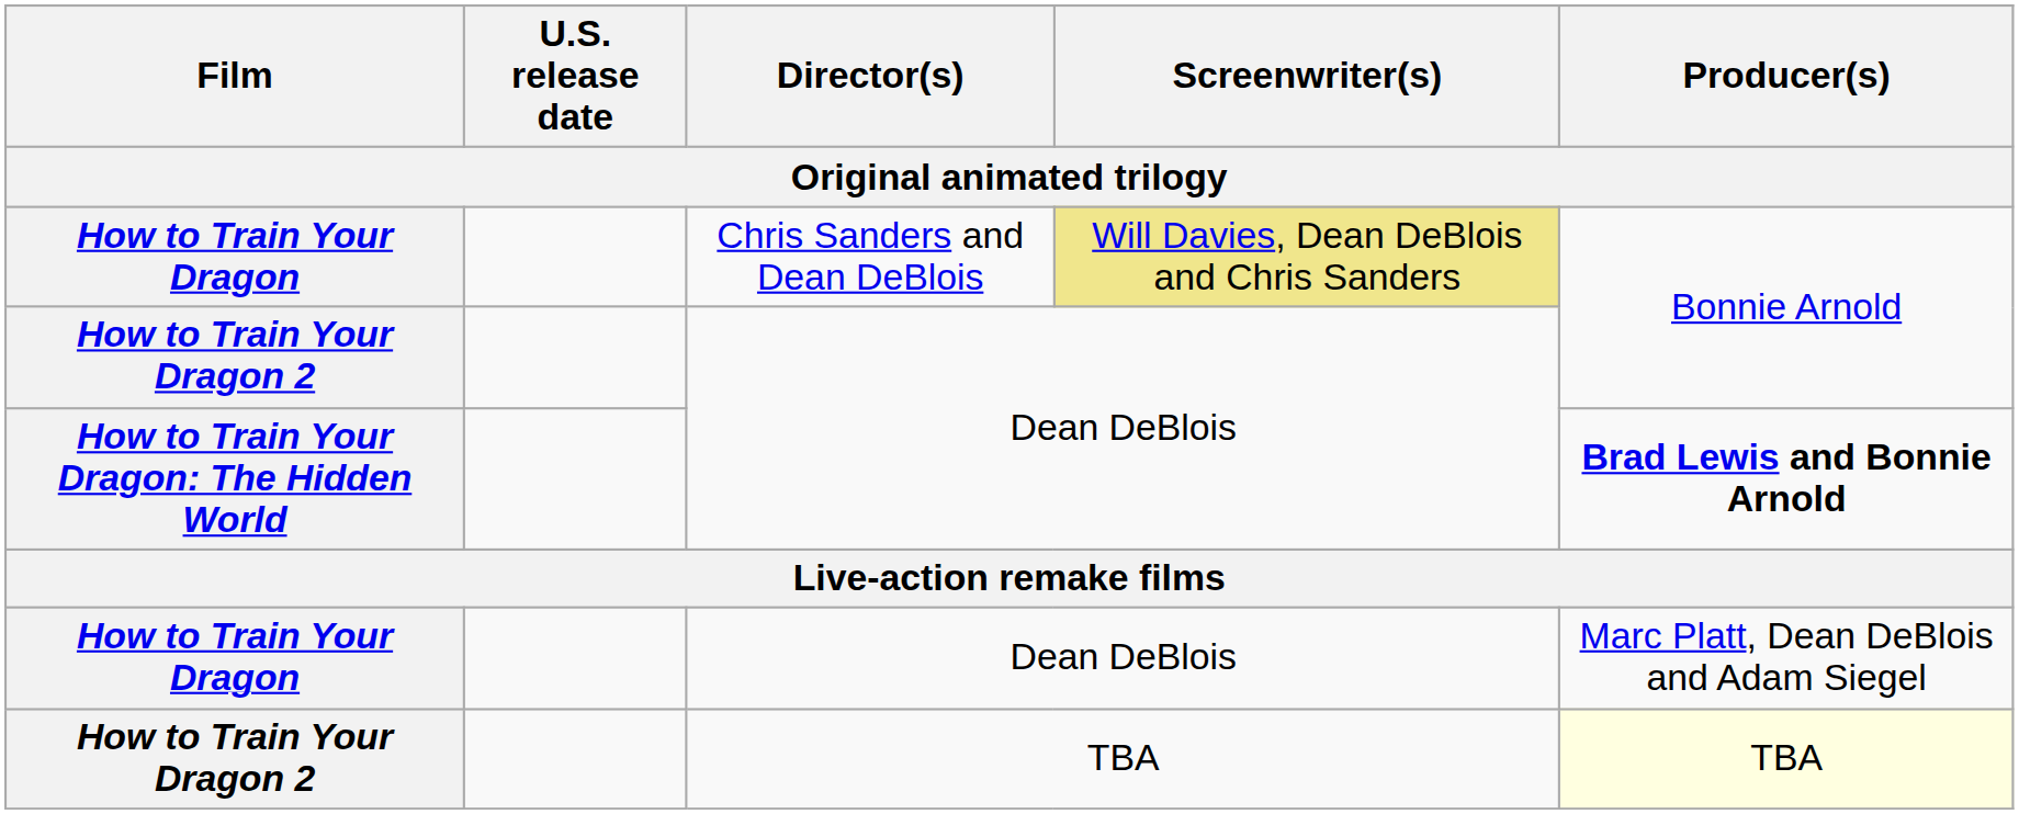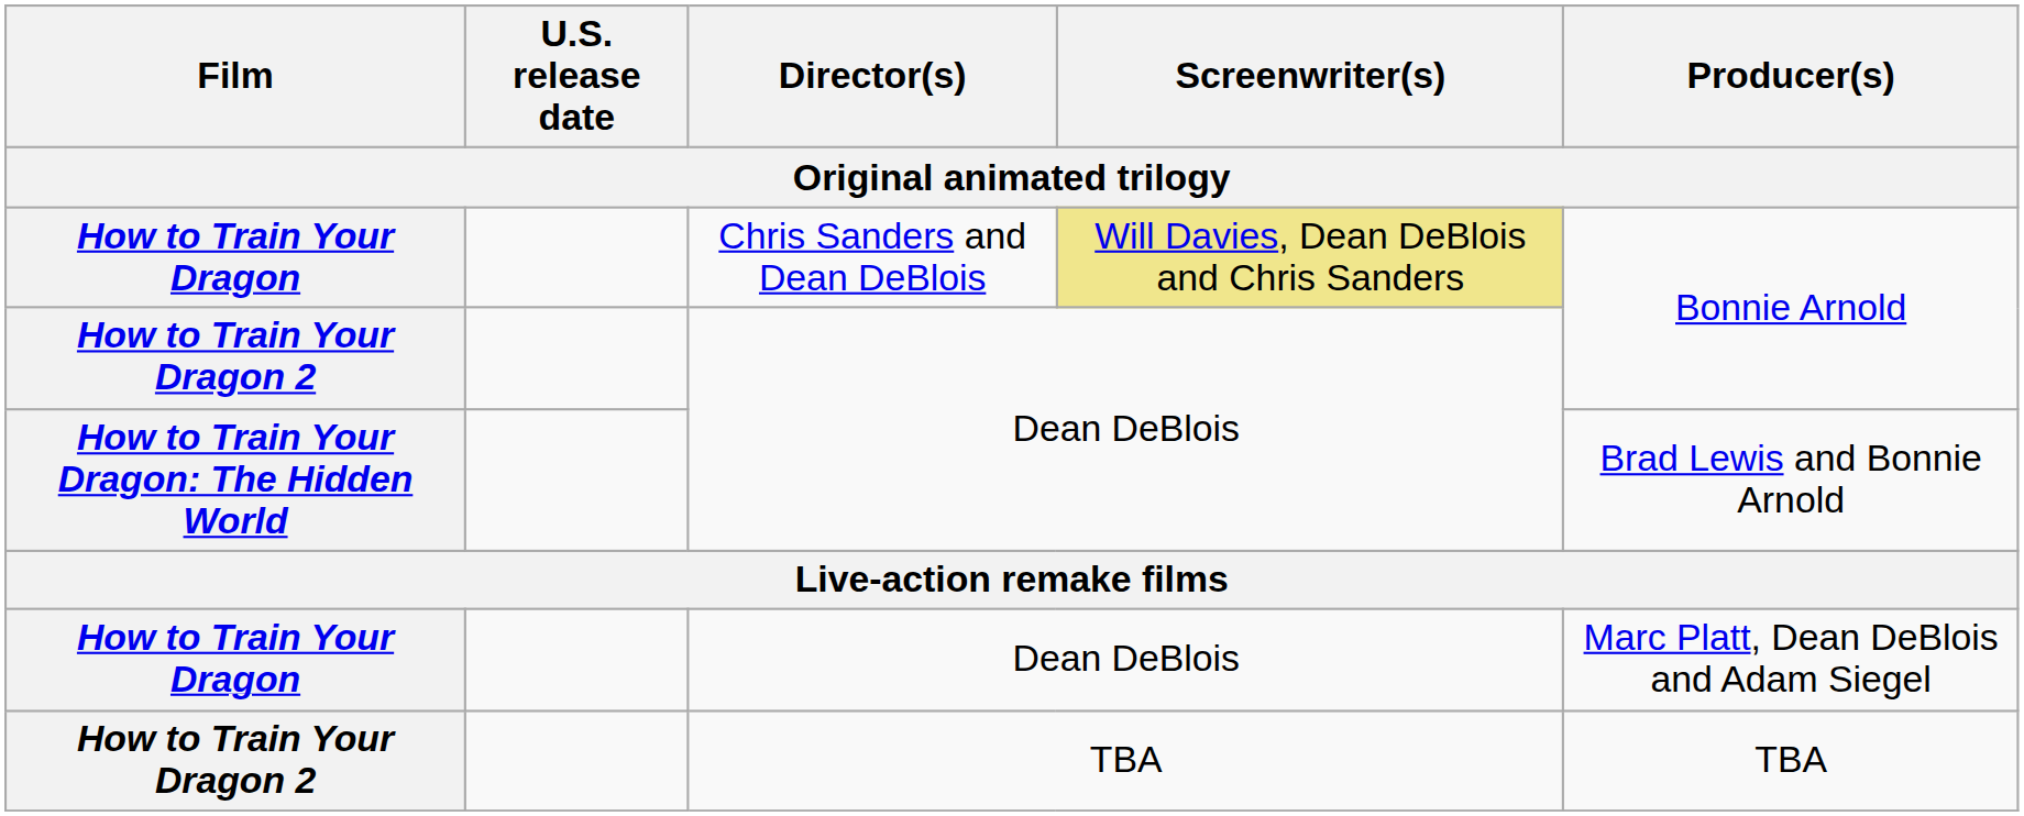 <table class="wikitable plainrowheaders" style="text-align:center">
 <tr>
 <th scope="col">Film</th>
 <th scope="col">U.S. release date</th>
 <th scope="col">Director(s)</th>
 <th scope="col">Screenwriter(s)</th>
 <th scope="col">Producer(s)</th>
 </tr>
 <tr>
 <th colspan="5">Original animated trilogy</th>
 </tr>
 <tr>
 <th scope="row"><em><a href='#'>How to Train Your Dragon</a></em></th>
 <td style="text-align:left"></td>
 <td><a href='#'>Chris Sanders</a> and <a href='#'>Dean DeBlois</a></td>
 <td style="background: khaki;"><a href='#'>Will Davies</a>, Dean DeBlois and Chris Sanders</td>
 <td rowspan="2"><a href='#'>Bonnie Arnold</a></td>
 </tr>
 <tr>
 <th scope="row"><em><a href='#'>How to Train Your Dragon 2</a></em></th>
 <td style="text-align:left"></td>
 <td colspan="2" rowspan="2">Dean DeBlois</td>
 </tr>
 <tr>
 <th scope="row"><em><a href='#'>How to Train Your Dragon: The Hidden World</a></em></th>
 <td style="text-align:left"></td>
-<td><strong><a href='#'>Brad Lewis</a> and Bonnie Arnold</strong></td>
+<td><a href='#'>Brad Lewis</a> and Bonnie Arnold</td>
 </tr>
 <tr>
 <th colspan="5">Live-action remake films</th>
 </tr>
 <tr>
 <th scope="row"><em><a href='#'>How to Train Your Dragon</a></em></th>
 <td style="text-align:left"></td>
 <td colspan="2">Dean DeBlois</td>
 <td><a href='#'>Marc Platt</a>, Dean DeBlois and Adam Siegel</td>
 </tr>
 <tr>
 <th scope="row"><em>How to Train Your Dragon 2</em></th>
 <td style="text-align:left"></td>
 <td colspan="2">TBA</td>
-<td style="background: lightyellow;">TBA</td>
+<td>TBA</td>
 </tr>
 </table>
